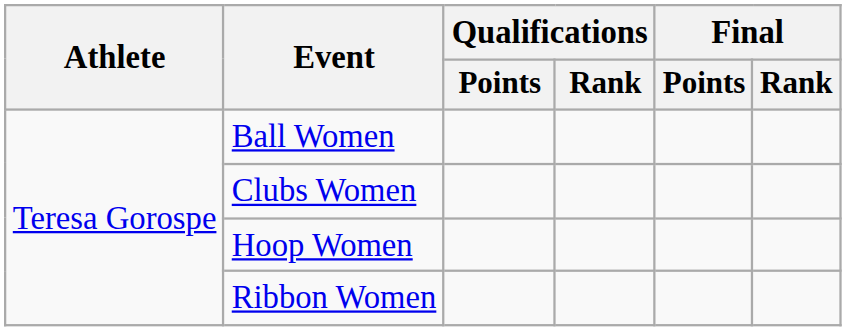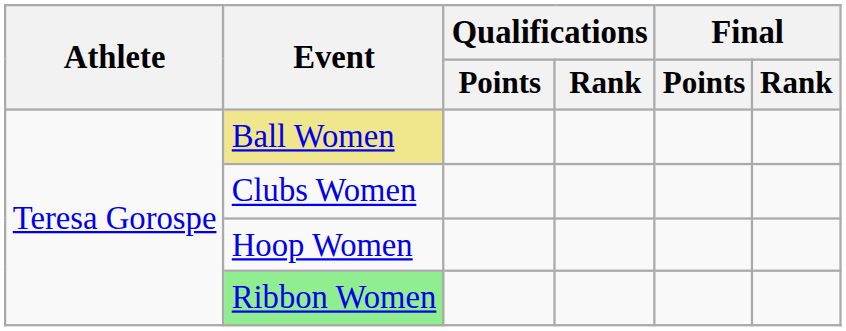 <table class=wikitable style="font-size:90%">
 <tr>
 <th rowspan="2">Athlete</th>
 <th rowspan="2">Event</th>
 <th colspan="2">Qualifications</th>
 <th colspan="2">Final</th>
 </tr>
 <tr style="font-size:95%">
 <th>Points</th>
 <th>Rank</th>
 <th>Points</th>
 <th>Rank</th>
 </tr>
 <tr align=center>
 <td align=left rowspan=4><a href='#'>Teresa Gorospe</a></td>
-<td align=left><a href='#'>Ball Women</a></td>
+<td align=left style="background: khaki;"><a href='#'>Ball Women</a></td>
 <td></td>
 <td></td>
 <td></td>
 <td></td>
 </tr>
 <tr align=center>
 <td align=left><a href='#'>Clubs Women</a></td>
 <td></td>
 <td></td>
 <td></td>
 <td></td>
 </tr>
 <tr align=center>
 <td align=left><a href='#'>Hoop Women</a></td>
 <td></td>
 <td></td>
 <td></td>
 <td></td>
 </tr>
 <tr align=center>
-<td align=left><a href='#'>Ribbon Women</a></td>
+<td align=left style="background: lightgreen;"><a href='#'>Ribbon Women</a></td>
 <td></td>
 <td></td>
 <td></td>
 <td></td>
 </tr>
 </table>
